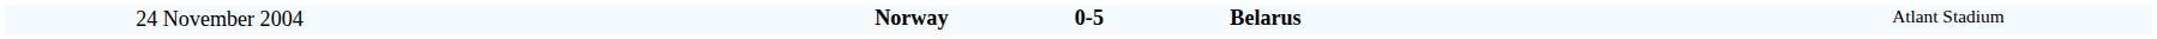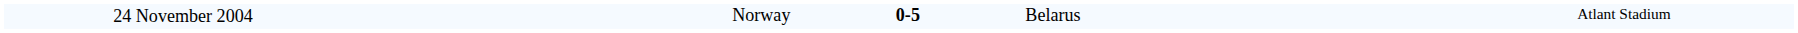 <table style="width: 100%; background:#F5FAFF;" cellspacing="0">
 <tr>
 <td align=center rowspan=3 width=20%>24 November 2004</td>
 </tr>
 <tr>
-<td width=24% align=right><strong>Norway </strong></td>
+<td width=24% align=right>Norway </td>
 <td align=center width=13%><strong>0-5</strong></td>
-<td width=24%><strong> Belarus</strong></td>
+<td width=24%> Belarus</td>
 <td style=font-size:85% rowspan=3 valign=top align=center>Atlant Stadium</td>
 </tr>
 <tr style=font-size:85%>
 <td align=right valign=top></td>
 <td></td>
 <td></td>
 </tr>
 </table>
